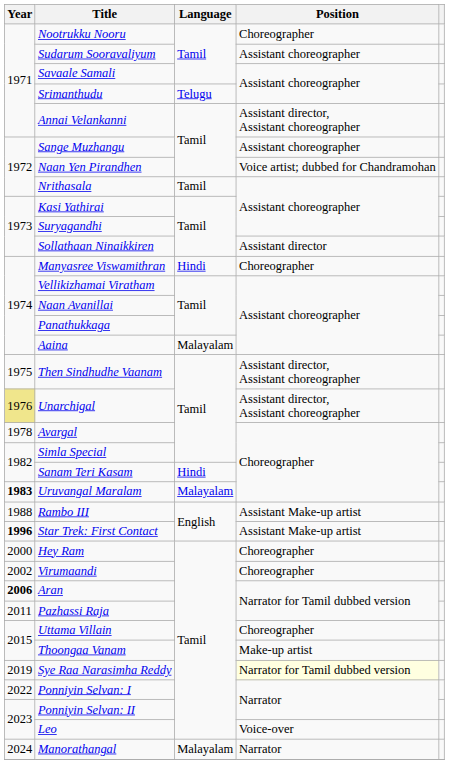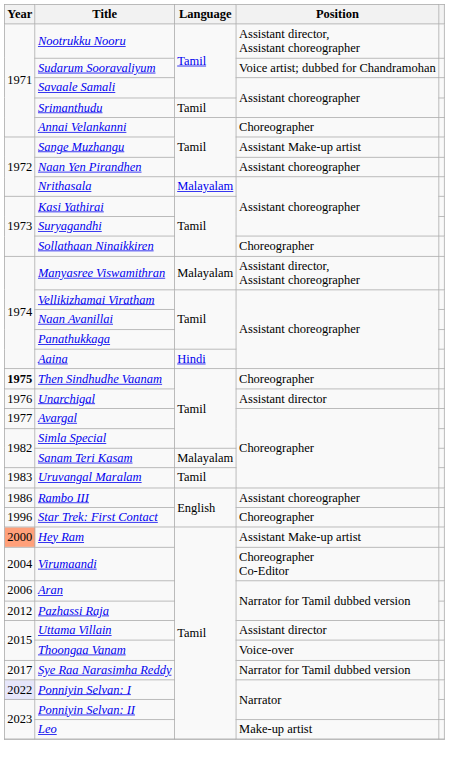 <table class="wikitable">
 <tr>
 <th scope="col">Year</th>
 <th scope="col">Title</th>
 <th scope="col">Language</th>
 <th scope="col">Position</th>
 <th scope="col" class="unsortable"></th>
 </tr>
 <tr>
 <td rowspan="5">1971</td>
 <td><em><a href='#'>Nootrukku Nooru</a></em></td>
 <td rowspan="3"><a href='#'>Tamil</a></td>
-<td>Choreographer</td>
+<td>Assistant director, <br>Assistant choreographer</td>
 <td style="text-align: center;"><br></td>
 </tr>
 <tr>
 <td><em><a href='#'>Sudarum Sooravaliyum</a></em></td>
-<td>Assistant choreographer </td>
+<td>Voice artist; dubbed for Chandramohan</td>
 <td></td>
 </tr>
 <tr>
 <td><em><a href='#'>Savaale Samali</a></em></td>
 <td rowspan="2">Assistant choreographer</td>
 <td style="text-align: center;"></td>
 </tr>
 <tr>
 <td><em><a href='#'>Srimanthudu</a></em></td>
-<td><a href='#'>Telugu</a></td>
+<td>Tamil</td>
 <td style="text-align: center;"></td>
 </tr>
 <tr>
 <td><em><a href='#'>Annai Velankanni</a></em></td>
 <td rowspan="3">Tamil</td>
-<td>Assistant director, <br>Assistant choreographer</td>
+<td>Choreographer</td>
 <td style="text-align: center;"><br></td>
 </tr>
 <tr>
 <td rowspan="3">1972</td>
 <td><em><a href='#'>Sange Muzhangu</a></em></td>
-<td>Assistant choreographer</td>
+<td>Assistant Make-up artist </td>
 <td style="text-align: center;"></td>
 </tr>
 <tr>
 <td><em><a href='#'>Naan Yen Pirandhen</a></em></td>
-<td>Voice artist; dubbed for Chandramohan</td>
+<td>Assistant choreographer </td>
 <td style="text-align: center;"></td>
 </tr>
 <tr>
 <td><em><a href='#'>Nrithasala</a></em></td>
-<td>Tamil</td>
+<td><a href='#'>Malayalam</a></td>
 <td rowspan="3">Assistant choreographer</td>
 <td style="text-align: center;"></td>
 </tr>
 <tr>
 <td rowspan="3">1973</td>
 <td><em><a href='#'>Kasi Yathirai</a></em></td>
 <td rowspan="3">Tamil</td>
 <td style="text-align: center;"><br></td>
 </tr>
 <tr>
 <td><em><a href='#'>Suryagandhi</a></em></td>
 <td style="text-align: center;"><br></td>
 </tr>
 <tr>
 <td><em><a href='#'>Sollathaan Ninaikkiren</a></em></td>
-<td>Assistant director</td>
+<td>Choreographer</td>
 <td style="text-align: center;"></td>
 </tr>
 <tr>
 <td rowspan="5">1974</td>
 <td><em><a href='#'>Manyasree Viswamithran</a></em></td>
-<td><a href='#'>Hindi</a></td>
-<td>Choreographer</td>
+<td>Malayalam</td>
+<td>Assistant director, <br>Assistant choreographer</td>
 <td style="text-align: center;"></td>
 </tr>
 <tr>
 <td><em><a href='#'>Vellikizhamai Viratham</a></em></td>
 <td rowspan="3">Tamil</td>
 <td rowspan="4">Assistant choreographer</td>
 <td style="text-align: center;"></td>
 </tr>
 <tr>
 <td><em><a href='#'>Naan Avanillai</a></em></td>
 <td style="text-align: center;"></td>
 </tr>
 <tr>
 <td><em><a href='#'>Panathukkaga</a></em></td>
 <td style="text-align: center;"></td>
 </tr>
 <tr>
 <td><em><a href='#'>Aaina</a></em></td>
-<td>Malayalam</td>
+<td><a href='#'>Hindi</a></td>
 <td style="text-align: center;"></td>
 </tr>
 <tr>
-<td>1975</td>
+<td><strong>1975</strong></td>
 <td><em><a href='#'>Then Sindhudhe Vaanam</a></em></td>
 <td rowspan="4">Tamil</td>
-<td>Assistant director, <br>Assistant choreographer</td>
+<td>Choreographer </td>
 <td style="text-align: center;"></td>
 </tr>
 <tr>
-<td style="background: khaki;">1976</td>
+<td>1976</td>
 <td><em><a href='#'>Unarchigal</a></em></td>
-<td>Assistant director, <br>Assistant choreographer</td>
+<td>Assistant director</td>
 <td style="text-align: center;"></td>
 </tr>
 <tr>
-<td>1978</td>
+<td>1977</td>
 <td><em><a href='#'>Avargal</a></em></td>
 <td rowspan="4">Choreographer</td>
 <td style="text-align: center;"></td>
 </tr>
 <tr>
 <td rowspan=2>1982</td>
 <td><em><a href='#'>Simla Special</a></em></td>
 <td style="text-align: center;"></td>
 </tr>
 <tr>
 <td><em><a href='#'>Sanam Teri Kasam</a></em></td>
-<td><a href='#'>Hindi</a></td>
+<td>Malayalam</td>
 <td style="text-align: center;"></td>
 </tr>
 <tr>
-<td><strong>1983</strong></td>
+<td>1983</td>
 <td><em><a href='#'>Uruvangal Maralam</a></em></td>
-<td><a href='#'>Malayalam</a></td>
+<td>Tamil</td>
 <td style="text-align: center;"></td>
 </tr>
 <tr>
-<td>1988</td>
+<td>1986</td>
 <td><em><a href='#'>Rambo III</a></em></td>
 <td rowspan="2">English</td>
+<td>Assistant choreographer</td>
+<td style="text-align: center;"></td>
+</tr>
+<tr>
+<td>1996</td>
+<td><em><a href='#'>Star Trek: First Contact</a></em></td>
+<td>Choreographer</td>
+<td style="text-align: center;"></td>
+</tr>
+<tr>
+<td style="background: lightsalmon;">2000</td>
+<td><em><a href='#'>Hey Ram</a></em></td>
+<td rowspan="10">Tamil</td>
 <td>Assistant Make-up artist </td>
 <td style="text-align: center;"></td>
 </tr>
 <tr>
-<td><strong>1996</strong></td>
-<td><em><a href='#'>Star Trek: First Contact</a></em></td>
-<td>Assistant Make-up artist </td>
+<td>2004</td>
+<td><em><a href='#'>Virumaandi</a></em></td>
+<td>Choreographer<br>Co-Editor</td>
 <td style="text-align: center;"></td>
 </tr>
 <tr>
-<td>2000</td>
-<td><em><a href='#'>Hey Ram</a></em></td>
-<td rowspan="10">Tamil</td>
-<td>Choreographer</td>
-<td style="text-align: center;"></td>
-</tr>
-<tr>
-<td>2002</td>
-<td><em><a href='#'>Virumaandi</a></em></td>
-<td>Choreographer</td>
-<td style="text-align: center;"></td>
-</tr>
-<tr>
-<td><strong>2006</strong></td>
+<td>2006</td>
 <td><em><a href='#'>Aran</a></em></td>
 <td rowspan="2">Narrator for Tamil dubbed version</td>
 <td style="text-align: center;"></td>
 </tr>
 <tr>
-<td>2011</td>
+<td>2012</td>
 <td><em><a href='#'>Pazhassi Raja</a></em></td>
 <td style="text-align: center;"></td>
 </tr>
 <tr>
 <td rowspan=2>2015</td>
 <td><em><a href='#'>Uttama Villain</a></em></td>
-<td>Choreographer</td>
+<td>Assistant director</td>
 <td style="text-align: center;"></td>
 </tr>
 <tr>
 <td><em><a href='#'>Thoongaa Vanam</a></em></td>
-<td>Make-up artist</td>
+<td>Voice-over</td>
 <td style="text-align: center;"></td>
 </tr>
 <tr>
-<td>2019</td>
+<td>2017</td>
 <td><em><a href='#'>Sye Raa Narasimha Reddy</a></em></td>
-<td style="background: lightyellow;">Narrator for Tamil dubbed version</td>
+<td>Narrator for Tamil dubbed version</td>
 <td style="text-align: center;"></td>
 </tr>
 <tr>
-<td>2022</td>
+<td style="background: lavender;">2022</td>
 <td><em><a href='#'>Ponniyin Selvan: I</a></em></td>
 <td rowspan="2">Narrator</td>
 <td></td>
 </tr>
 <tr>
 <td rowspan=2>2023</td>
 <td><em><a href='#'>Ponniyin Selvan: II</a></em></td>
 <td></td>
 </tr>
 <tr>
 <td><em><a href='#'>Leo</a></em></td>
-<td>Voice-over</td>
-<td></td>
-</tr>
-<tr>
-<td>2024</td>
-<td><em><a href='#'>Manorathangal</a></em></td>
-<td>Malayalam</td>
-<td>Narrator</td>
+<td>Make-up artist</td>
 <td></td>
 </tr>
 <tr>
 </tr>
 </table>
